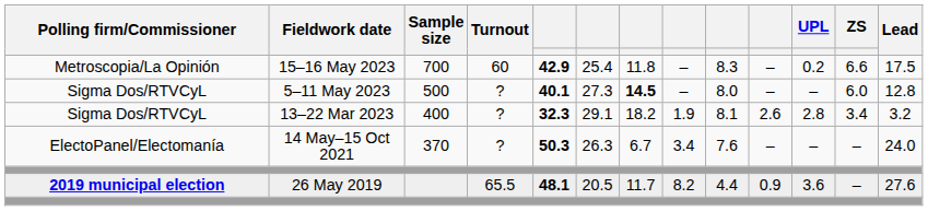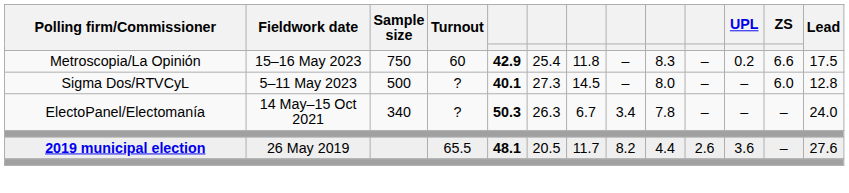 <table class="wikitable collapsible collapsed" style="text-align:center; font-size:95%; line-height:16px;">
 <tr style="height:42px;">
 <th style="width:250px;" rowspan="2">Polling firm/Commissioner</th>
 <th style="width:125px;" rowspan="2">Fieldwork date</th>
 <th style="width:50px;" rowspan="2">Sample size</th>
 <th style="width:45px;" rowspan="2">Turnout</th>
 <th style="width:35px;"></th>
 <th style="width:35px;"></th>
 <th style="width:35px;"></th>
 <th style="width:35px;"></th>
 <th style="width:35px;"></th>
 <th style="width:35px;"></th>
 <th style="width:35px;"><a href='#'>UPL</a></th>
 <th style="width:35px;">ZS</th>
 <th style="width:30px;" rowspan="2">Lead</th>
 </tr>
 <tr>
 <th style="color:inherit;background:"></th>
 <th style="color:inherit;background:"></th>
 <th style="color:inherit;background:"></th>
 <th style="color:inherit;background:"></th>
 <th style="color:inherit;background:"></th>
 <th style="color:inherit;background:"></th>
 <th style="color:inherit;background:"></th>
 <th style="color:inherit;background:"></th>
 </tr>
 <tr>
 <td>Metroscopia/La Opinión</td>
 <td>15–16 May 2023</td>
-<td>700</td>
+<td>750</td>
 <td>60</td>
 <td><strong>42.9</strong><br></td>
 <td>25.4<br></td>
 <td>11.8<br></td>
 <td>–</td>
 <td>8.3<br></td>
 <td>–</td>
 <td>0.2<br></td>
 <td>6.6<br></td>
 <td style="background:">17.5</td>
 </tr>
 <tr>
 <td>Sigma Dos/RTVCyL</td>
 <td>5–11 May 2023</td>
 <td>500</td>
 <td>?</td>
 <td><strong>40.1</strong><br></td>
 <td>27.3<br></td>
-<td><strong>14.5<br></strong></td>
+<td>14.5<br></td>
 <td>–</td>
 <td>8.0<br></td>
 <td>–</td>
 <td>–</td>
 <td>6.0<br></td>
 <td style="background:">12.8</td>
 </tr>
 <tr>
-<td>Sigma Dos/RTVCyL</td>
-<td>13–22 Mar 2023</td>
-<td>400</td>
-<td>?</td>
-<td><strong>32.3</strong><br></td>
-<td>29.1<br></td>
-<td>18.2<br></td>
-<td>1.9<br></td>
-<td>8.1<br></td>
-<td>2.6<br></td>
-<td>2.8<br></td>
-<td>3.4<br></td>
-<td style="background:">3.2</td>
-</tr>
-<tr>
 <td>ElectoPanel/Electomanía</td>
 <td>14 May–15 Oct 2021</td>
-<td>370</td>
+<td>340</td>
 <td>?</td>
 <td><strong>50.3</strong><br></td>
 <td>26.3<br></td>
 <td>6.7<br></td>
 <td>3.4<br></td>
-<td>7.6<br></td>
+<td>7.8<br></td>
 <td>–</td>
 <td>–</td>
 <td>–</td>
 <td style="background:">24.0</td>
 </tr>
 <tr>
 <td colspan="13" style="background:#A0A0A0"></td>
 </tr>
 <tr style="background:#EFEFEF;">
 <td><strong><a href='#'>2019 municipal election</a></strong></td>
 <td>26 May 2019</td>
 <td></td>
 <td>65.5</td>
 <td><strong>48.1</strong><br></td>
 <td>20.5<br></td>
 <td>11.7<br></td>
 <td>8.2<br></td>
 <td>4.4<br></td>
-<td>0.9<br></td>
+<td>2.6<br></td>
 <td>3.6<br></td>
 <td>–</td>
 <td style="background:">27.6</td>
 </tr>
 <tr>
 <td colspan="13" style="background:#A0A0A0"></td>
 </tr>
 </table>
